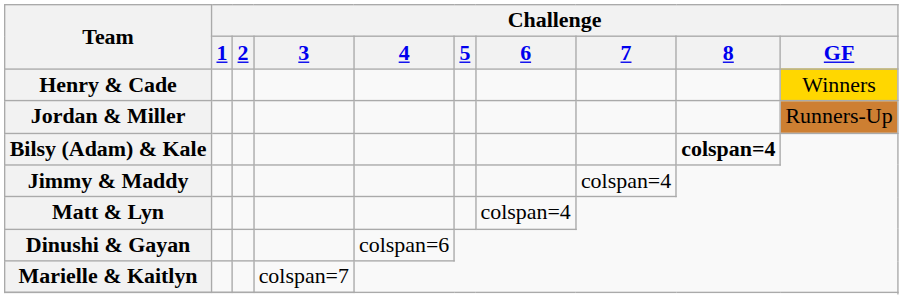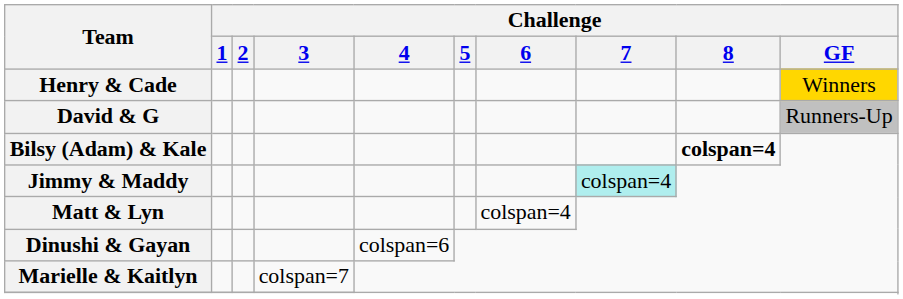 <table class="wikitable plainrowheaders" style="text-align: center; line-height:16px;">
 <tr>
 <th rowspan=2 scope="col">Team</th>
 <th colspan=9 scope="col">Challenge</th>
 </tr>
 <tr>
 <th scope="col"><a href='#'>1</a></th>
 <th scope="col"><a href='#'>2</a></th>
 <th scope="col"><a href='#'>3</a></th>
 <th scope="col"><a href='#'>4</a></th>
 <th scope="col"><a href='#'>5</a></th>
 <th scope="col"><a href='#'>6</a></th>
 <th scope="col"><a href='#'>7</a></th>
 <th scope="col"><a href='#'>8</a></th>
 <th scope="col"><a href='#'>GF</a></th>
 </tr>
 <tr>
 <th>Henry & Cade</th>
 <td></td>
 <td></td>
 <td></td>
 <td></td>
 <td></td>
 <td></td>
 <td></td>
 <td></td>
 <td style="background:gold">Winners</td>
 </tr>
 <tr>
-<th>Jordan & Miller</th>
+<th>David & G</th>
 <td></td>
 <td></td>
 <td></td>
 <td></td>
 <td></td>
 <td></td>
 <td></td>
 <td></td>
-<td style="background: #CD7F32">Runners-Up</td>
+<td style="background:silver">Runners-Up</td>
 </tr>
 <tr>
 <th>Bilsy (Adam) & Kale</th>
 <td></td>
 <td></td>
 <td></td>
 <td></td>
 <td></td>
 <td></td>
 <td></td>
 <td><strong>colspan=4 </strong></td>
 </tr>
 <tr>
 <th>Jimmy & Maddy</th>
 <td></td>
 <td></td>
 <td></td>
 <td></td>
 <td></td>
 <td></td>
-<td>colspan=4 </td>
+<td style="background: paleturquoise;">colspan=4 </td>
 </tr>
 <tr>
 <th>Matt & Lyn</th>
 <td></td>
 <td></td>
 <td></td>
 <td></td>
 <td></td>
 <td>colspan=4 </td>
 </tr>
 <tr>
 <th>Dinushi & Gayan</th>
 <td></td>
 <td></td>
 <td></td>
 <td>colspan=6 </td>
 </tr>
 <tr>
 <th>Marielle & Kaitlyn</th>
 <td></td>
 <td></td>
 <td>colspan=7 </td>
 </tr>
 <tr>
 </tr>
 </table>
